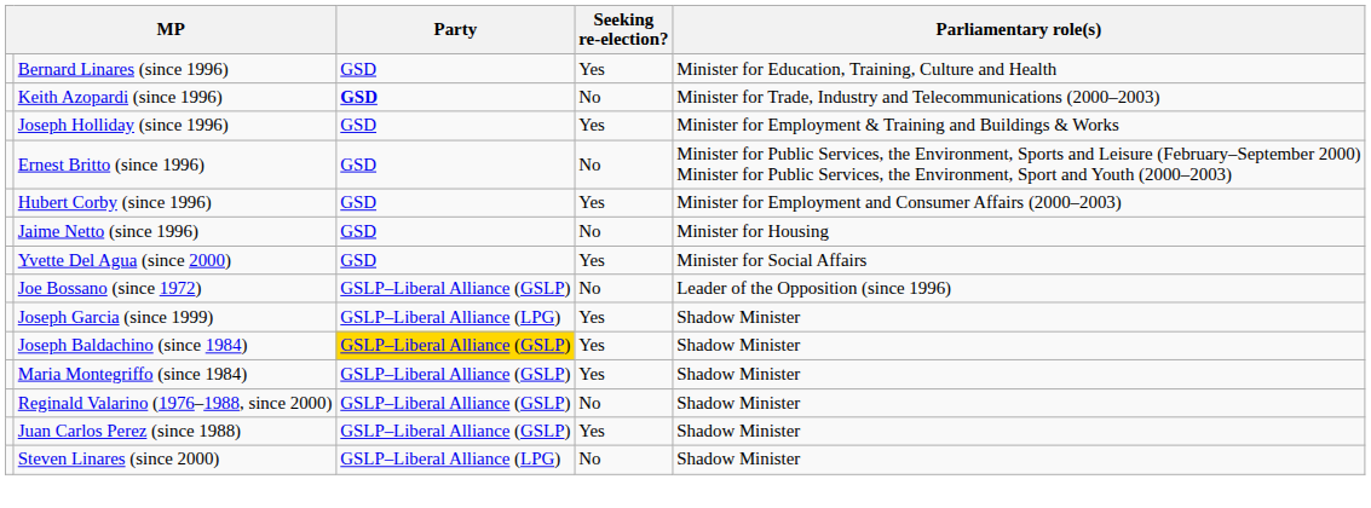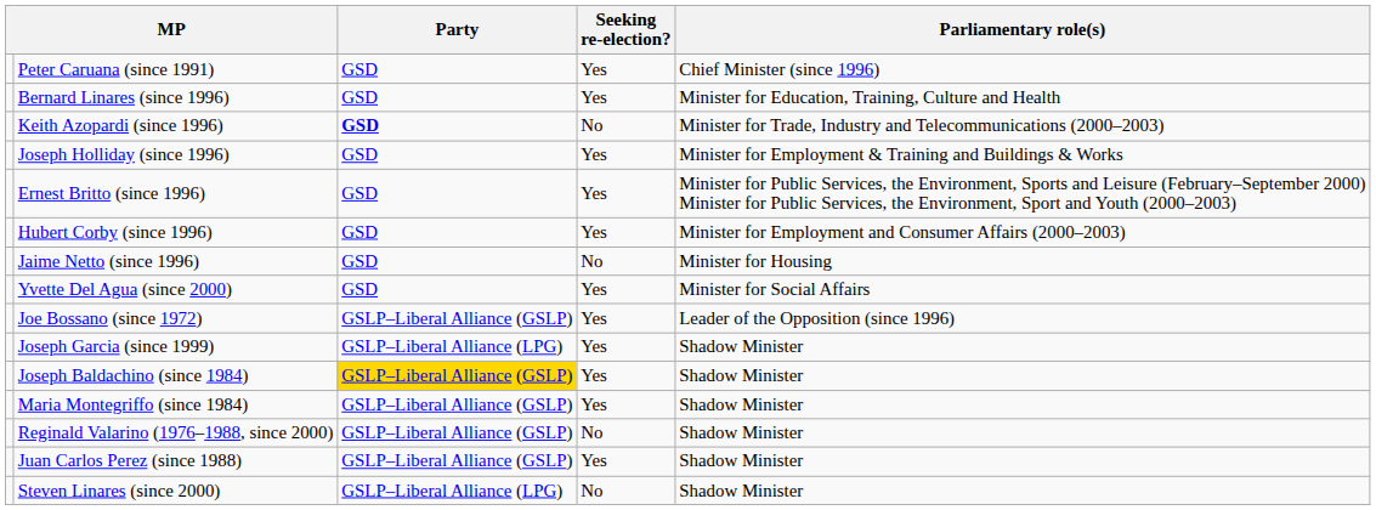 <table class=wikitable>
 <tr>
 <th colspan=2>MP</th>
 <th>Party</th>
 <th>Seeking<br>re-election?</th>
 <th>Parliamentary role(s)</th>
+</tr>
+<tr>
+<td style="background-color: "></td>
+<td><a href='#'>Peter Caruana</a> (since 1991)</td>
+<td><a href='#'>GSD</a></td>
+<td>Yes</td>
+<td>Chief Minister (since <a href='#'>1996</a>)</td>
 </tr>
 <tr>
 <td style="background-color: "></td>
 <td><a href='#'>Bernard Linares</a> (since 1996)</td>
 <td><a href='#'>GSD</a></td>
 <td>Yes</td>
 <td>Minister for Education, Training, Culture and Health</td>
 </tr>
 <tr>
 <td style="background-color: "></td>
 <td><a href='#'>Keith Azopardi</a> (since 1996)</td>
 <td><strong><a href='#'>GSD</a></strong></td>
 <td>No</td>
 <td>Minister for Trade, Industry and Telecommunications (2000–2003)</td>
 </tr>
 <tr>
 <td style="background-color: "></td>
 <td><a href='#'>Joseph Holliday</a> (since 1996)</td>
 <td><a href='#'>GSD</a></td>
 <td>Yes</td>
 <td>Minister for Employment & Training and Buildings & Works</td>
 </tr>
 <tr>
 <td style="background-color: "></td>
 <td><a href='#'>Ernest Britto</a> (since 1996)</td>
 <td><a href='#'>GSD</a></td>
-<td>No</td>
+<td>Yes</td>
 <td>Minister for Public Services, the Environment, Sports and Leisure (February–September 2000)<br>Minister for Public Services, the Environment, Sport and Youth (2000–2003)</td>
 </tr>
 <tr>
 <td style="background-color: "></td>
 <td><a href='#'>Hubert Corby</a> (since 1996)</td>
 <td><a href='#'>GSD</a></td>
 <td>Yes</td>
 <td>Minister for Employment and Consumer Affairs (2000–2003)</td>
 </tr>
 <tr>
 <td style="background-color: "></td>
 <td><a href='#'>Jaime Netto</a> (since 1996)</td>
 <td><a href='#'>GSD</a></td>
 <td>No</td>
 <td>Minister for Housing</td>
 </tr>
 <tr>
 <td style="background-color: "></td>
 <td><a href='#'>Yvette Del Agua</a> (since <a href='#'>2000</a>)</td>
 <td><a href='#'>GSD</a></td>
 <td>Yes</td>
 <td>Minister for Social Affairs</td>
 </tr>
 <tr>
 <td style="background-color: "></td>
 <td><a href='#'>Joe Bossano</a> (since <a href='#'>1972</a>)</td>
 <td><a href='#'>GSLP–Liberal Alliance</a> (<a href='#'>GSLP</a>)</td>
-<td>No</td>
+<td>Yes</td>
 <td>Leader of the Opposition (since 1996)</td>
 </tr>
 <tr>
 <td style="background-color: "></td>
 <td><a href='#'>Joseph Garcia</a> (since 1999)</td>
 <td><a href='#'>GSLP–Liberal Alliance</a> (<a href='#'>LPG</a>)</td>
 <td>Yes</td>
 <td>Shadow Minister</td>
 </tr>
 <tr>
 <td style="background-color: "></td>
 <td><a href='#'>Joseph Baldachino</a> (since <a href='#'>1984</a>)</td>
 <td style="background: gold;"><a href='#'>GSLP–Liberal Alliance</a> (<a href='#'>GSLP</a>)</td>
 <td>Yes</td>
 <td>Shadow Minister</td>
 </tr>
 <tr>
 <td style="background-color: "></td>
 <td><a href='#'>Maria Montegriffo</a> (since 1984)</td>
 <td><a href='#'>GSLP–Liberal Alliance</a> (<a href='#'>GSLP</a>)</td>
 <td>Yes</td>
 <td>Shadow Minister</td>
 </tr>
 <tr>
 <td style="background-color: "></td>
 <td><a href='#'>Reginald Valarino</a> (<a href='#'>1976</a>–<a href='#'>1988</a>, since 2000)</td>
 <td><a href='#'>GSLP–Liberal Alliance</a> (<a href='#'>GSLP</a>)</td>
 <td>No</td>
 <td>Shadow Minister</td>
 </tr>
 <tr>
 <td style="background-color: "></td>
 <td><a href='#'>Juan Carlos Perez</a> (since 1988)</td>
 <td><a href='#'>GSLP–Liberal Alliance</a> (<a href='#'>GSLP</a>)</td>
 <td>Yes</td>
 <td>Shadow Minister</td>
 </tr>
 <tr>
 <td style="background-color: "></td>
 <td><a href='#'>Steven Linares</a> (since 2000)</td>
 <td><a href='#'>GSLP–Liberal Alliance</a> (<a href='#'>LPG</a>)</td>
 <td>No</td>
 <td>Shadow Minister</td>
 </tr>
 </table>
